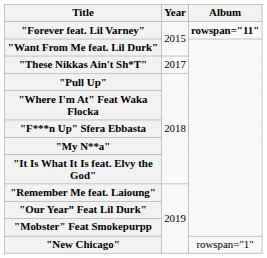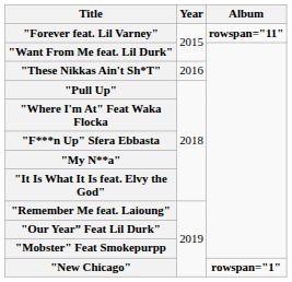 <table class="wikitable plainrowheaders" style="text-align:center;">
 <tr>
 <th scope="col" style="width:14em;">Title</th>
 <th scope="col">Year</th>
 <th scope="col">Album</th>
 </tr>
 <tr>
 <th scope="row">"Forever feat. Lil Varney"</th>
 <td rowspan="2">2015</td>
 <td><strong>rowspan="11" </strong></td>
 </tr>
 <tr>
 <th scope="row">"Want From Me feat. Lil Durk"</th>
 </tr>
 <tr>
 <th scope="row">"These Nikkas Ain't Sh*T"</th>
-<td rowspan="1">2017</td>
+<td rowspan="1">2016</td>
 </tr>
 <tr>
 <th scope="row">"Pull Up"</th>
 <td rowspan="5">2018</td>
 </tr>
 <tr>
 <th scope="row">"Where I'm At" Feat Waka Flocka</th>
 </tr>
 <tr>
 <th scope="row">"F***n Up" Sfera Ebbasta</th>
 </tr>
 <tr>
 <th scope="row">"My N**a"</th>
 </tr>
 <tr>
 <th scope="row">"It Is What It Is feat. Elvy the God"</th>
 </tr>
 <tr>
 <th scope="row">"Remember Me feat. Laioung"</th>
 <td rowspan="4">2019</td>
 </tr>
 <tr>
 <th scope="row">"Our Year” Feat Lil Durk"</th>
 </tr>
 <tr>
 <th scope="row">"Mobster" Feat Smokepurpp</th>
 </tr>
 <tr>
 <th scope="row">"New Chicago"</th>
-<td>rowspan="1" </td>
+<td><strong>rowspan="1" </strong></td>
 </tr>
 </table>
